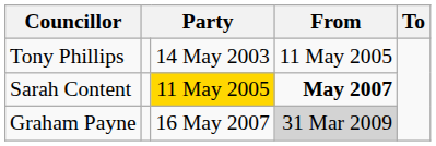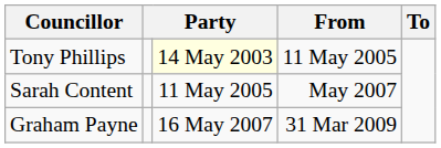 <table class=wikitable>
 <tr>
 <th>Councillor</th>
 <th colspan=2>Party</th>
 <th>From</th>
 <th>To</th>
 </tr>
 <tr>
 <td>Tony Phillips</td>
 <td></td>
-<td align=right>14 May 2003</td>
+<td align=right style="background: lightyellow;">14 May 2003</td>
 <td align=right>11 May 2005</td>
 </tr>
 <tr>
 <td>Sarah Content</td>
 <td></td>
-<td align=right style="background: gold;">11 May 2005</td>
-<td align=right><strong>May 2007</strong></td>
+<td align=right>11 May 2005</td>
+<td align=right>May 2007</td>
 </tr>
 <tr>
 <td>Graham Payne</td>
 <td></td>
 <td align=right>16 May 2007</td>
-<td align=right style="background: lightgrey;">31 Mar 2009</td>
+<td align=right>31 Mar 2009</td>
 </tr>
 </table>
